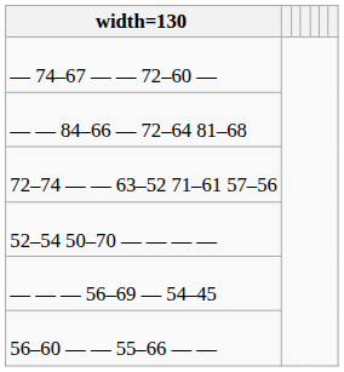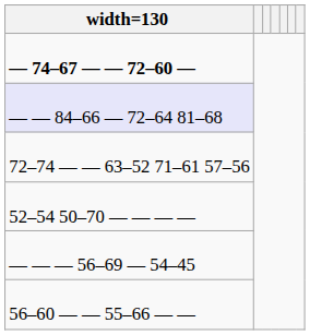 <table class="wikitable" style="text-align:center;">
 <tr>
 <th>width=130 </th>
 <th></th>
 <th></th>
 <th></th>
 <th></th>
 <th></th>
 <th></th>
 </tr>
 <tr>
-<td style="text-align:left;"><br> —  74–67  —  —  72–60  —</td>
+<td style="text-align:left;"><strong><br> —  74–67  —  —  72–60  —</strong></td>
 </tr>
 <tr>
-<td style="text-align:left;"><br> —  —  84–66  —  72–64  81–68</td>
+<td style="background: lavender; text-align:left;"><br> —  —  84–66  —  72–64  81–68</td>
 </tr>
 <tr>
 <td style="text-align:left;"><br> 72–74  —  —  63–52  71–61  57–56</td>
 </tr>
 <tr>
 <td style="text-align:left;"><br> 52–54  50–70  —  —  —  —</td>
 </tr>
 <tr>
 <td style="text-align:left;"><br> —  —  —  56–69  —  54–45</td>
 </tr>
 <tr>
 <td style="text-align:left;"><br> 56–60  —  —  55–66  —  —</td>
 </tr>
 </table>
